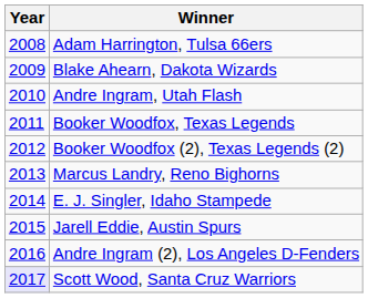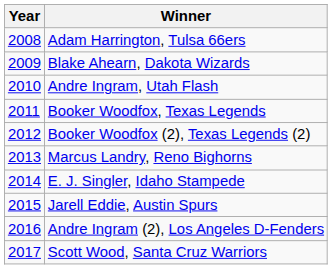 <table class="wikitable">
 <tr>
 <th>Year</th>
 <th>Winner</th>
 </tr>
 <tr>
 <td><a href='#'>2008</a></td>
 <td><a href='#'>Adam Harrington</a>, <a href='#'>Tulsa 66ers</a></td>
 </tr>
 <tr>
 <td><a href='#'>2009</a></td>
 <td><a href='#'>Blake Ahearn</a>, <a href='#'>Dakota Wizards</a></td>
 </tr>
 <tr>
 <td><a href='#'>2010</a></td>
 <td><a href='#'>Andre Ingram</a>, <a href='#'>Utah Flash</a></td>
 </tr>
 <tr>
 <td><a href='#'>2011</a></td>
 <td><a href='#'>Booker Woodfox</a>, <a href='#'>Texas Legends</a></td>
 </tr>
 <tr>
 <td><a href='#'>2012</a></td>
 <td><a href='#'>Booker Woodfox</a> (2), <a href='#'>Texas Legends</a> (2)</td>
 </tr>
 <tr>
 <td><a href='#'>2013</a></td>
 <td><a href='#'>Marcus Landry</a>, <a href='#'>Reno Bighorns</a></td>
 </tr>
 <tr>
 <td><a href='#'>2014</a></td>
 <td><a href='#'>E. J. Singler</a>, <a href='#'>Idaho Stampede</a></td>
 </tr>
 <tr>
 <td><a href='#'>2015</a></td>
 <td><a href='#'>Jarell Eddie</a>, <a href='#'>Austin Spurs</a></td>
 </tr>
 <tr>
 <td><a href='#'>2016</a></td>
 <td><a href='#'>Andre Ingram</a> (2), <a href='#'>Los Angeles D-Fenders</a></td>
 </tr>
 <tr>
-<td style="background: lavender;"><a href='#'>2017</a></td>
+<td><a href='#'>2017</a></td>
 <td><a href='#'>Scott Wood</a>, <a href='#'>Santa Cruz Warriors</a></td>
 </tr>
 </table>
